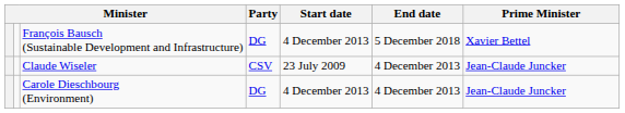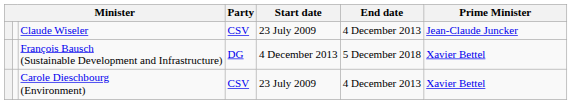 <table class="wikitable">
 <tr style="background: #efefef;">
 <th colspan="3" width="200px">Minister</th>
 <th>Party</th>
 <th>Start date</th>
 <th>End date</th>
 <th width="200px">Prime Minister</th>
+</tr>
+<tr>
+<th width="5px" style="background-color: "></th>
+<td></td>
+<td><a href='#'>Claude Wiseler</a></td>
+<td><a href='#'>CSV</a></td>
+<td>23 July 2009</td>
+<td>4 December 2013</td>
+<td><a href='#'>Jean-Claude Juncker</a></td>
 </tr>
 <tr>
 <th width="5px" style="background-color: "></th>
 <td></td>
 <td><a href='#'>François Bausch</a><br>(Sustainable Development and Infrastructure)</td>
 <td><a href='#'>DG</a></td>
 <td>4 December 2013</td>
 <td>5 December 2018</td>
 <td><a href='#'>Xavier Bettel</a></td>
 </tr>
 <tr>
 <th width="5px" style="background-color: "></th>
 <td></td>
-<td><a href='#'>Claude Wiseler</a></td>
+<td><a href='#'>Carole Dieschbourg</a><br>(Environment)</td>
 <td><a href='#'>CSV</a></td>
 <td>23 July 2009</td>
 <td>4 December 2013</td>
-<td><a href='#'>Jean-Claude Juncker</a></td>
-</tr>
-<tr>
-<th width="5px" style="background-color: "></th>
-<td></td>
-<td><a href='#'>Carole Dieschbourg</a><br>(Environment)</td>
-<td><a href='#'>DG</a></td>
-<td>4 December 2013</td>
-<td>4 December 2013</td>
-<td><a href='#'>Jean-Claude Juncker</a></td>
+<td><a href='#'>Xavier Bettel</a></td>
 </tr>
 </table>
